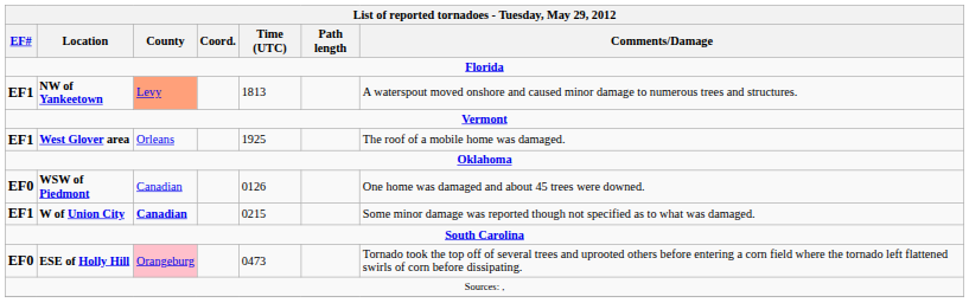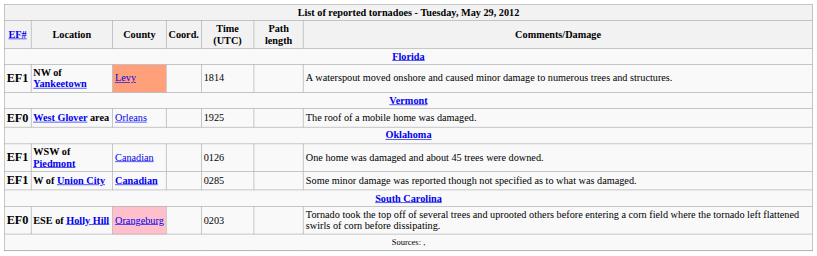 <table class="wikitable collapsible" width="100%">
 <tr>
 <th colspan="7">List of reported tornadoes - Tuesday, May 29, 2012</th>
 </tr>
 <tr>
 <th><a href='#'>EF#</a></th>
 <th>Location</th>
 <th>County</th>
 <th>Coord.</th>
 <th>Time (UTC)</th>
 <th>Path length</th>
 <th>Comments/Damage</th>
 </tr>
 <tr>
 <td colspan="7" align=center><strong><a href='#'>Florida</a></strong></td>
 </tr>
 <tr>
 <td><big><strong>EF1</strong></big></td>
 <td><strong>NW of <a href='#'>Yankeetown</a></strong></td>
 <td style="background: lightsalmon;"><a href='#'>Levy</a></td>
 <td></td>
-<td>1813</td>
+<td>1814</td>
 <td></td>
 <td>A waterspout moved onshore and caused minor damage to numerous trees and structures.</td>
 </tr>
 <tr>
 <td colspan="7" align=center><strong><a href='#'>Vermont</a></strong></td>
 </tr>
 <tr>
-<td><big><strong>EF1</strong></big></td>
+<td><big><strong>EF0</strong></big></td>
 <td><strong><a href='#'>West Glover</a> area</strong></td>
 <td><a href='#'>Orleans</a></td>
 <td></td>
 <td>1925</td>
 <td></td>
 <td>The roof of a mobile home was damaged.</td>
 </tr>
 <tr>
 <td colspan="7" align=center><strong><a href='#'>Oklahoma</a></strong></td>
 </tr>
 <tr>
-<td><big><strong>EF0</strong></big></td>
+<td><big><strong>EF1</strong></big></td>
 <td><strong>WSW of <a href='#'>Piedmont</a></strong></td>
 <td><a href='#'>Canadian</a></td>
 <td></td>
 <td>0126</td>
 <td></td>
 <td>One home was damaged and about 45 trees were downed.</td>
 </tr>
 <tr>
 <td><big><strong>EF1</strong></big></td>
 <td><strong>W of <a href='#'>Union City</a></strong></td>
 <td><strong><a href='#'>Canadian</a></strong></td>
 <td></td>
-<td>0215</td>
+<td>0285</td>
 <td></td>
 <td>Some minor damage was reported though not specified as to what was damaged.</td>
 </tr>
 <tr>
 <td colspan="7" align=center><strong><a href='#'>South Carolina</a></strong></td>
 </tr>
 <tr>
 <td><big><strong>EF0</strong></big></td>
 <td><strong>ESE of <a href='#'>Holly Hill</a></strong></td>
 <td style="background: pink;"><a href='#'>Orangeburg</a></td>
 <td></td>
-<td>0473</td>
+<td>0203</td>
 <td></td>
 <td>Tornado took the top off of several trees and uprooted others before entering a corn field where the tornado left flattened swirls of corn before dissipating.</td>
 </tr>
 <tr>
 <td colspan="7" align=center><small>Sources: , </small></td>
 </tr>
 <tr>
 </tr>
 </table>
